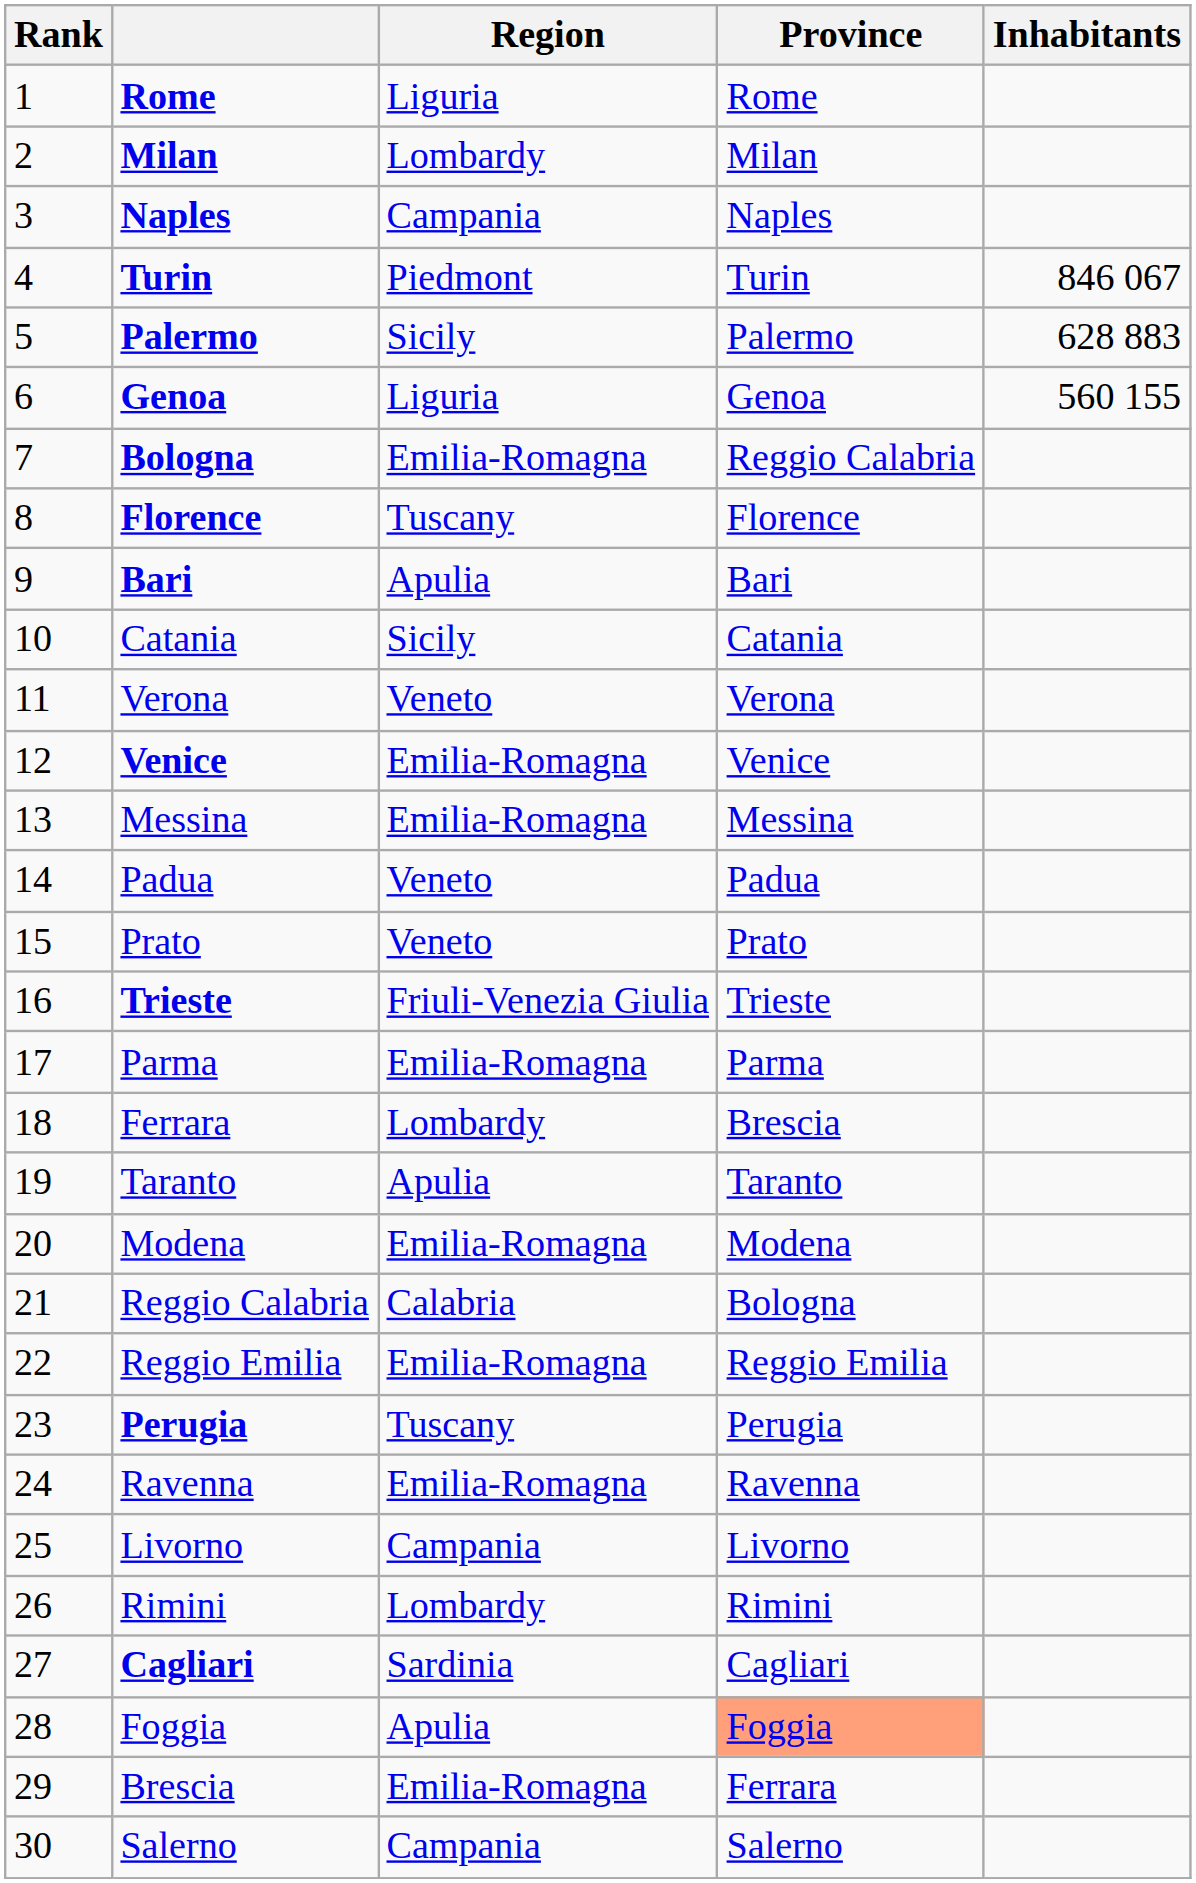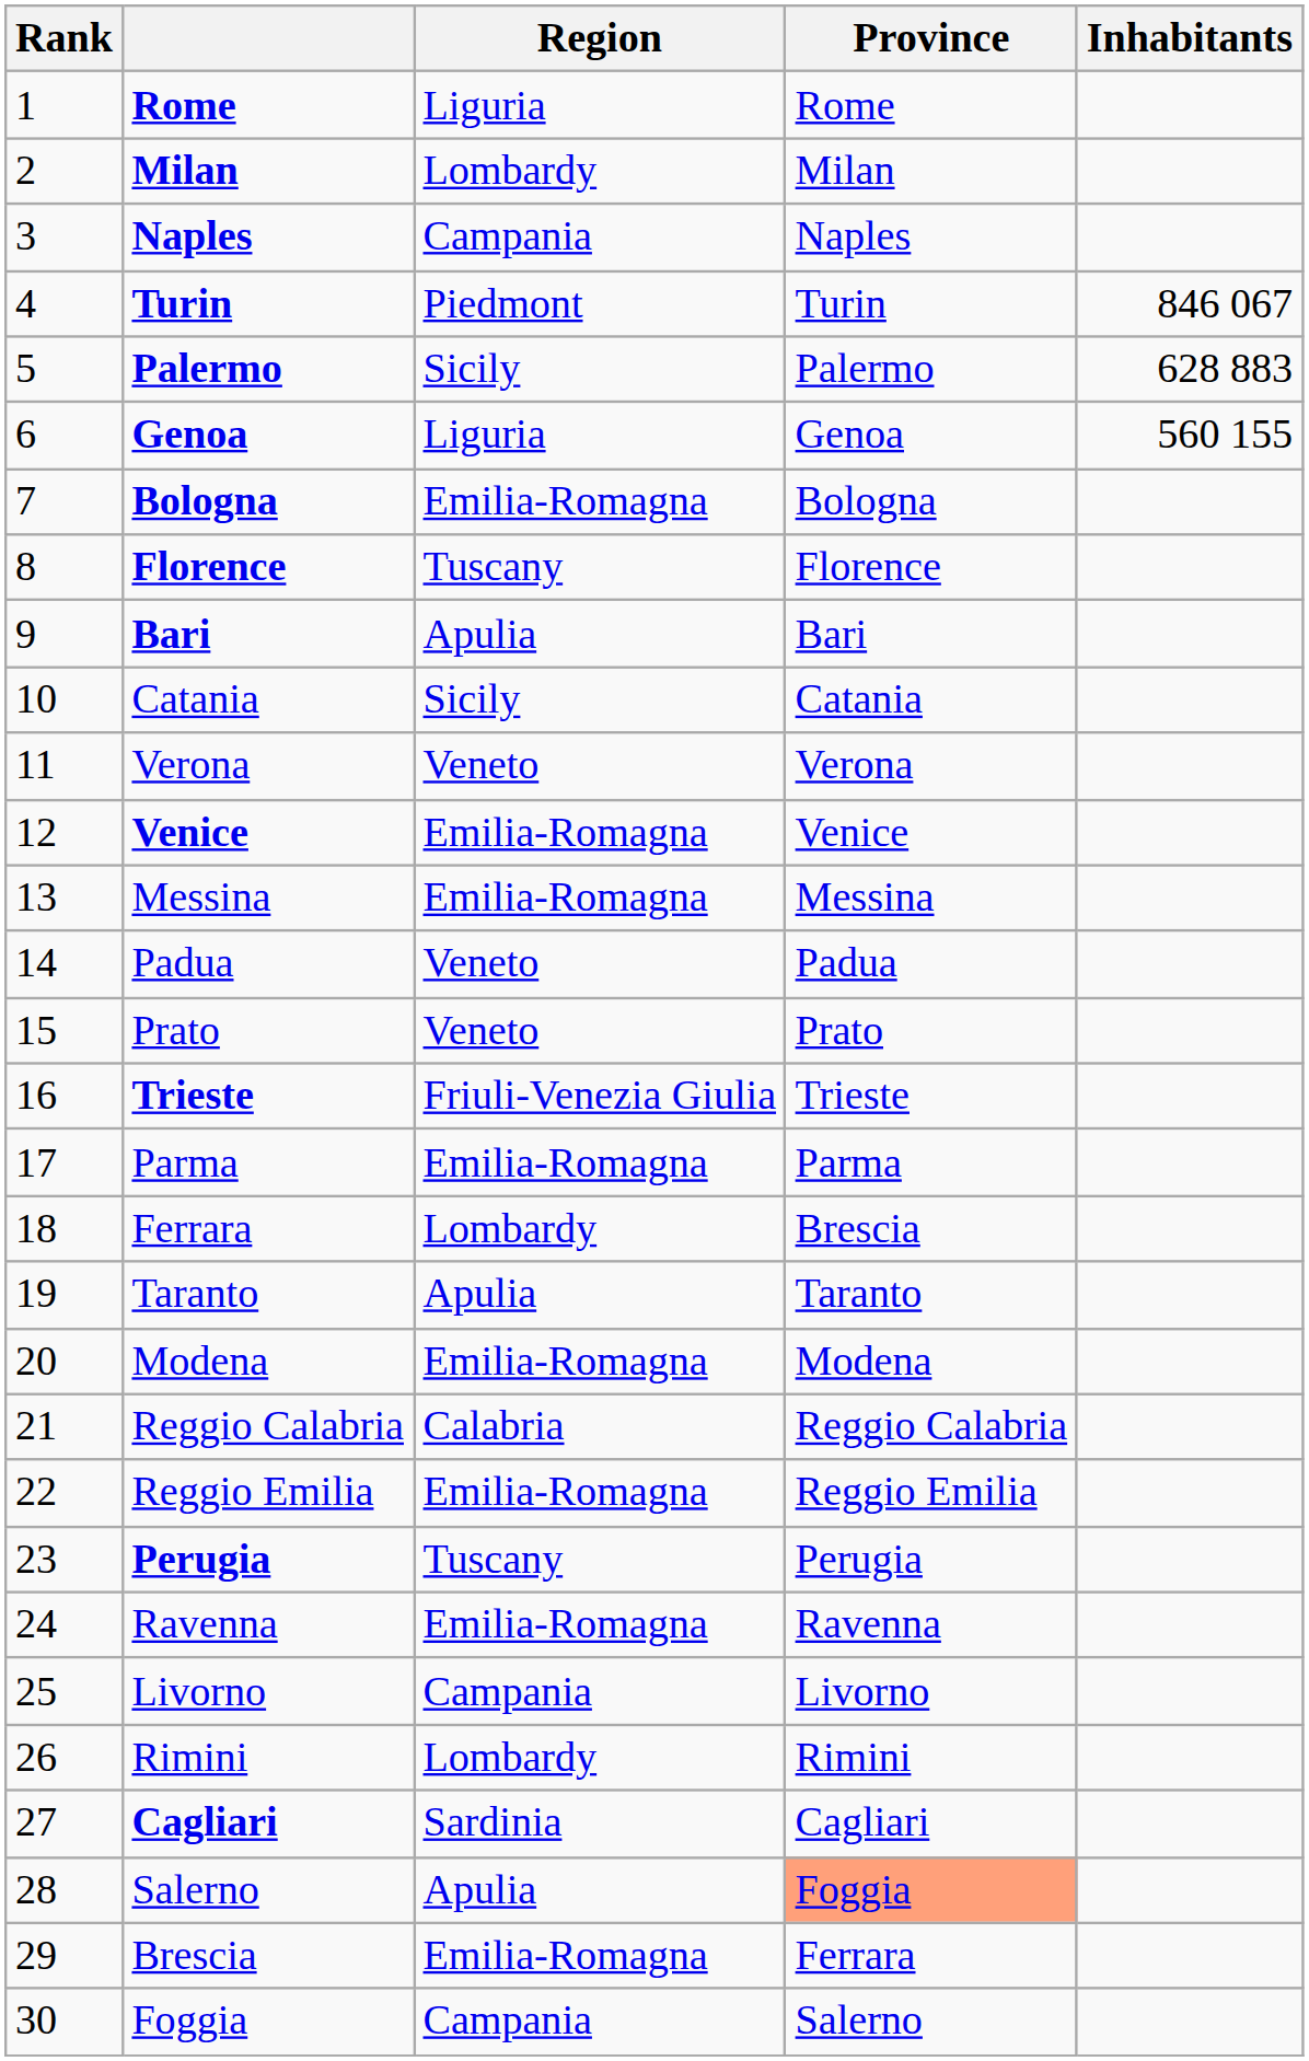 <table class="wikitable sortable">
 <tr>
 <th>Rank</th>
 <th></th>
 <th>Region</th>
 <th>Province</th>
 <th>Inhabitants</th>
 </tr>
 <tr>
 <td>1</td>
 <td><strong><a href='#'>Rome</a></strong></td>
 <td><a href='#'>Liguria</a></td>
 <td><a href='#'>Rome</a></td>
 <td align=right></td>
 </tr>
 <tr>
 <td>2</td>
 <td><strong><a href='#'>Milan</a></strong></td>
 <td><a href='#'>Lombardy</a></td>
 <td><a href='#'>Milan</a></td>
 <td align=right></td>
 </tr>
 <tr>
 <td>3</td>
 <td><strong><a href='#'>Naples</a></strong></td>
 <td><a href='#'>Campania</a></td>
 <td><a href='#'>Naples</a></td>
 <td align=right></td>
 </tr>
 <tr>
 <td>4</td>
 <td><strong><a href='#'>Turin</a></strong></td>
 <td><a href='#'>Piedmont</a></td>
 <td><a href='#'>Turin</a></td>
 <td align=right>846 067</td>
 </tr>
 <tr>
 <td>5</td>
 <td><strong><a href='#'>Palermo</a></strong></td>
 <td><a href='#'>Sicily</a></td>
 <td><a href='#'>Palermo</a></td>
 <td align=right>628 883</td>
 </tr>
 <tr>
 <td>6</td>
 <td><strong><a href='#'>Genoa</a></strong></td>
 <td><a href='#'>Liguria</a></td>
 <td><a href='#'>Genoa</a></td>
 <td align=right>560 155</td>
 </tr>
 <tr>
 <td>7</td>
 <td><strong><a href='#'>Bologna</a></strong></td>
 <td><a href='#'>Emilia-Romagna</a></td>
-<td><a href='#'>Reggio Calabria</a></td>
+<td><a href='#'>Bologna</a></td>
 <td align=right></td>
 </tr>
 <tr>
 <td>8</td>
 <td><strong><a href='#'>Florence</a></strong></td>
 <td><a href='#'>Tuscany</a></td>
 <td><a href='#'>Florence</a></td>
 <td align=right></td>
 </tr>
 <tr>
 <td>9</td>
 <td><strong><a href='#'>Bari</a></strong></td>
 <td><a href='#'>Apulia</a></td>
 <td><a href='#'>Bari</a></td>
 <td align=right></td>
 </tr>
 <tr>
 <td>10</td>
 <td><a href='#'>Catania</a></td>
 <td><a href='#'>Sicily</a></td>
 <td><a href='#'>Catania</a></td>
 <td align=right></td>
 </tr>
 <tr>
 <td>11</td>
 <td><a href='#'>Verona</a></td>
 <td><a href='#'>Veneto</a></td>
 <td><a href='#'>Verona</a></td>
 <td align=right></td>
 </tr>
 <tr>
 <td>12</td>
 <td><strong><a href='#'>Venice</a></strong></td>
 <td><a href='#'>Emilia-Romagna</a></td>
 <td><a href='#'>Venice</a></td>
 <td align=right></td>
 </tr>
 <tr>
 <td>13</td>
 <td><a href='#'>Messina</a></td>
 <td><a href='#'>Emilia-Romagna</a></td>
 <td><a href='#'>Messina</a></td>
 <td align=right></td>
 </tr>
 <tr>
 <td>14</td>
 <td><a href='#'>Padua</a></td>
 <td><a href='#'>Veneto</a></td>
 <td><a href='#'>Padua</a></td>
 <td align=right></td>
 </tr>
 <tr>
 <td>15</td>
 <td><a href='#'>Prato</a></td>
 <td><a href='#'>Veneto</a></td>
 <td><a href='#'>Prato</a></td>
 <td align="right"></td>
 </tr>
 <tr>
 <td>16</td>
 <td><strong><a href='#'>Trieste</a></strong></td>
 <td><a href='#'>Friuli-Venezia Giulia</a></td>
 <td><a href='#'>Trieste</a></td>
 <td align=right></td>
 </tr>
 <tr>
 <td>17</td>
 <td><a href='#'>Parma</a></td>
 <td><a href='#'>Emilia-Romagna</a></td>
 <td><a href='#'>Parma</a></td>
 <td align=right></td>
 </tr>
 <tr>
 <td>18</td>
 <td><a href='#'>Ferrara</a></td>
 <td><a href='#'>Lombardy</a></td>
 <td><a href='#'>Brescia</a></td>
 <td align=right></td>
 </tr>
 <tr>
 <td>19</td>
 <td><a href='#'>Taranto</a></td>
 <td><a href='#'>Apulia</a></td>
 <td><a href='#'>Taranto</a></td>
 <td align=right></td>
 </tr>
 <tr>
 <td>20</td>
 <td><a href='#'>Modena</a></td>
 <td><a href='#'>Emilia-Romagna</a></td>
 <td><a href='#'>Modena</a></td>
 <td align=right></td>
 </tr>
 <tr>
 <td>21</td>
 <td><a href='#'>Reggio Calabria</a></td>
 <td><a href='#'>Calabria</a></td>
-<td><a href='#'>Bologna</a></td>
+<td><a href='#'>Reggio Calabria</a></td>
 <td align=right></td>
 </tr>
 <tr>
 <td>22</td>
 <td><a href='#'>Reggio Emilia</a></td>
 <td><a href='#'>Emilia-Romagna</a></td>
 <td><a href='#'>Reggio Emilia</a></td>
 <td align=right></td>
 </tr>
 <tr>
 <td>23</td>
 <td><strong><a href='#'>Perugia</a></strong></td>
 <td><a href='#'>Tuscany</a></td>
 <td><a href='#'>Perugia</a></td>
 <td align=right></td>
 </tr>
 <tr>
 <td>24</td>
 <td><a href='#'>Ravenna</a></td>
 <td><a href='#'>Emilia-Romagna</a></td>
 <td><a href='#'>Ravenna</a></td>
 <td align=right></td>
 </tr>
 <tr>
 <td>25</td>
 <td><a href='#'>Livorno</a></td>
 <td><a href='#'>Campania</a></td>
 <td><a href='#'>Livorno</a></td>
 <td align=right></td>
 </tr>
 <tr>
 <td>26</td>
 <td><a href='#'>Rimini</a></td>
 <td><a href='#'>Lombardy</a></td>
 <td><a href='#'>Rimini</a></td>
 <td align=right></td>
 </tr>
 <tr>
 <td>27</td>
 <td><strong><a href='#'>Cagliari</a></strong></td>
 <td><a href='#'>Sardinia</a></td>
 <td><a href='#'>Cagliari</a></td>
 <td align=right></td>
 </tr>
 <tr>
 <td>28</td>
-<td><a href='#'>Foggia</a></td>
+<td><a href='#'>Salerno</a></td>
 <td><a href='#'>Apulia</a></td>
 <td style="background: lightsalmon;"><a href='#'>Foggia</a></td>
 <td align=right></td>
 </tr>
 <tr>
 <td>29</td>
 <td><a href='#'>Brescia</a></td>
 <td><a href='#'>Emilia-Romagna</a></td>
 <td><a href='#'>Ferrara</a></td>
 <td align=right></td>
 </tr>
 <tr>
 <td>30</td>
-<td><a href='#'>Salerno</a></td>
+<td><a href='#'>Foggia</a></td>
 <td><a href='#'>Campania</a></td>
 <td><a href='#'>Salerno</a></td>
 <td align=right></td>
 </tr>
 </table>
